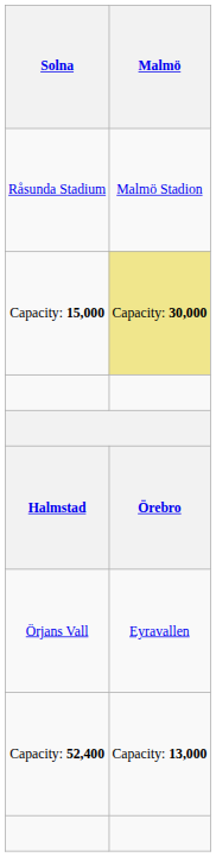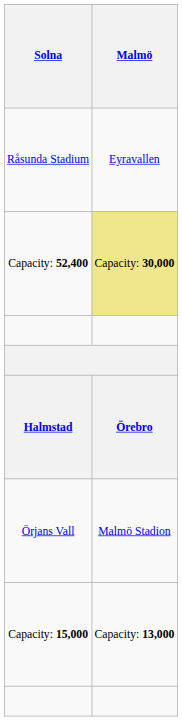 <table class="wikitable" style="text-align:center; height:976.4px">
 <tr>
 <th><a href='#'>Solna</a><br></th>
 <th><a href='#'>Malmö</a></th>
 </tr>
 <tr>
 <td><a href='#'>Råsunda Stadium</a></td>
-<td><a href='#'>Malmö Stadion</a></td>
+<td><a href='#'>Eyravallen</a></td>
 </tr>
 <tr>
-<td>Capacity: <strong>15,000</strong></td>
+<td>Capacity: <strong>52,400</strong></td>
 <td style="background: khaki;">Capacity: <strong>30,000</strong></td>
 </tr>
 <tr>
 <td></td>
 <td></td>
 </tr>
 <tr>
 <th colspan="2"></th>
 </tr>
 <tr>
 <th><a href='#'>Halmstad</a></th>
 <th><a href='#'>Örebro</a></th>
 </tr>
 <tr>
 <td><a href='#'>Örjans Vall</a></td>
-<td><a href='#'>Eyravallen</a></td>
+<td><a href='#'>Malmö Stadion</a></td>
 </tr>
 <tr>
-<td>Capacity: <strong>52,400</strong></td>
+<td>Capacity: <strong>15,000</strong></td>
 <td>Capacity: <strong>13,000</strong></td>
 </tr>
 <tr>
 <td></td>
 <td></td>
 </tr>
 </table>
